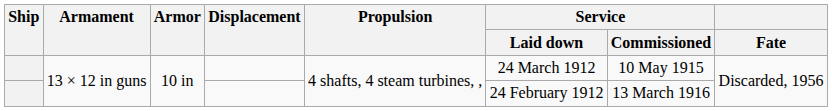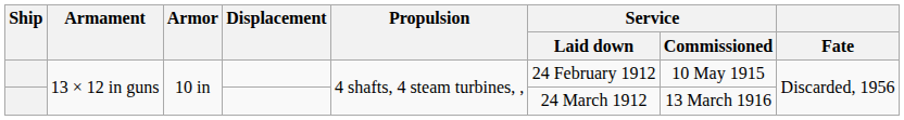 <table class="wikitable plainrowheaders" style="text-align: center;">
 <tr valign="top">
 <th scope="col" rowspan="2">Ship</th>
 <th scope="col" rowspan="2">Armament</th>
 <th scope="col" rowspan="2">Armor</th>
 <th scope="col" rowspan="2">Displacement</th>
 <th scope="col" rowspan="2">Propulsion</th>
 <th scope="col" colspan="2">Service</th>
 <th></th>
 </tr>
 <tr valign="top">
 <th scope="col">Laid down</th>
 <th scope="col">Commissioned</th>
 <th scope="col">Fate</th>
 </tr>
 <tr valign="center">
 <th scope="row"></th>
 <td rowspan="2">13 × 12 in guns</td>
 <td rowspan="2">10 in</td>
 <td></td>
 <td rowspan="2">4 shafts, 4 steam turbines, , </td>
-<td>24 March 1912</td>
+<td>24 February 1912</td>
 <td>10 May 1915</td>
 <td rowspan="2">Discarded, 1956</td>
 </tr>
 <tr valign="center">
 <th scope="row"></th>
 <td></td>
-<td>24 February 1912</td>
+<td>24 March 1912</td>
 <td>13 March 1916</td>
 </tr>
 </table>
